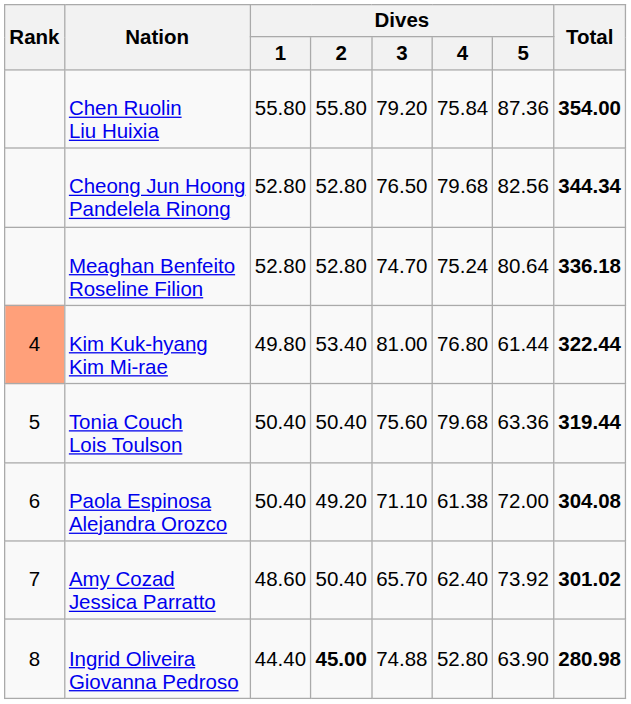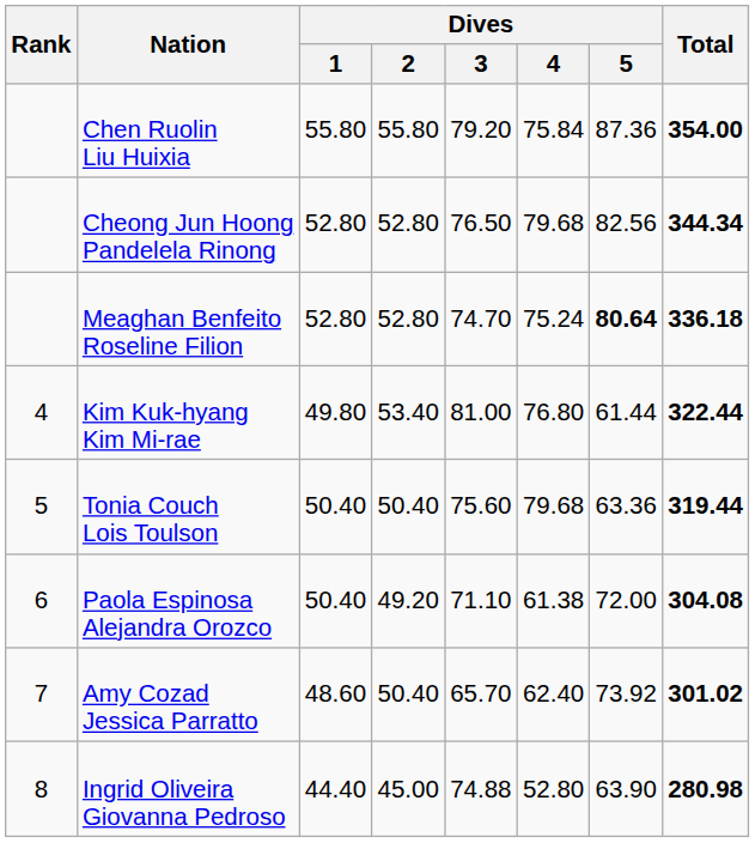 <table class="wikitable">
 <tr>
 <th rowspan="2">Rank</th>
 <th rowspan="2">Nation</th>
 <th colspan="5">Dives</th>
 <th rowspan="2">Total</th>
 </tr>
 <tr>
 <th>1</th>
 <th>2</th>
 <th>3</th>
 <th>4</th>
 <th>5</th>
 </tr>
 <tr>
 <td align="center"></td>
 <td><br><a href='#'>Chen Ruolin</a><br><a href='#'>Liu Huixia</a></td>
 <td align="center">55.80</td>
 <td align="center">55.80</td>
 <td align="center">79.20</td>
 <td align="center">75.84</td>
 <td align="center">87.36</td>
 <td align="center"><strong>354.00</strong></td>
 </tr>
 <tr>
 <td align="center"></td>
 <td><br><a href='#'>Cheong Jun Hoong</a><br><a href='#'>Pandelela Rinong</a></td>
 <td align="center">52.80</td>
 <td align="center">52.80</td>
 <td align="center">76.50</td>
 <td align="center">79.68</td>
 <td align="center">82.56</td>
 <td align="center"><strong>344.34</strong></td>
 </tr>
 <tr>
 <td align="center"></td>
 <td><br><a href='#'>Meaghan Benfeito</a><br><a href='#'>Roseline Filion</a></td>
 <td align="center">52.80</td>
 <td align="center">52.80</td>
 <td align="center">74.70</td>
 <td align="center">75.24</td>
-<td align="center">80.64</td>
+<td align="center"><strong>80.64</strong></td>
 <td align="center"><strong>336.18</strong></td>
 </tr>
 <tr>
-<td align="center" style="background: lightsalmon;">4</td>
+<td align="center">4</td>
 <td><br><a href='#'>Kim Kuk-hyang</a><br><a href='#'>Kim Mi-rae</a></td>
 <td align="center">49.80</td>
 <td align="center">53.40</td>
 <td align="center">81.00</td>
 <td align="center">76.80</td>
 <td align="center">61.44</td>
 <td align="center"><strong>322.44</strong></td>
 </tr>
 <tr>
 <td align="center">5</td>
 <td><br><a href='#'>Tonia Couch</a><br><a href='#'>Lois Toulson</a></td>
 <td align="center">50.40</td>
 <td align="center">50.40</td>
 <td align="center">75.60</td>
 <td align="center">79.68</td>
 <td align="center">63.36</td>
 <td align="center"><strong>319.44</strong></td>
 </tr>
 <tr>
 <td align="center">6</td>
 <td><br><a href='#'>Paola Espinosa</a><br><a href='#'>Alejandra Orozco</a></td>
 <td align="center">50.40</td>
 <td align="center">49.20</td>
 <td align="center">71.10</td>
 <td align="center">61.38</td>
 <td align="center">72.00</td>
 <td align="center"><strong>304.08</strong></td>
 </tr>
 <tr>
 <td align="center">7</td>
 <td><br><a href='#'>Amy Cozad</a><br><a href='#'>Jessica Parratto</a></td>
 <td align="center">48.60</td>
 <td align="center">50.40</td>
 <td align="center">65.70</td>
 <td align="center">62.40</td>
 <td align="center">73.92</td>
 <td align="center"><strong>301.02</strong></td>
 </tr>
 <tr>
 <td align="center">8</td>
 <td><br><a href='#'>Ingrid Oliveira</a><br><a href='#'>Giovanna Pedroso</a></td>
 <td align="center">44.40</td>
-<td align="center"><strong>45.00</strong></td>
+<td align="center">45.00</td>
 <td align="center">74.88</td>
 <td align="center">52.80</td>
 <td align="center">63.90</td>
 <td align="center"><strong>280.98</strong></td>
 </tr>
 </table>
